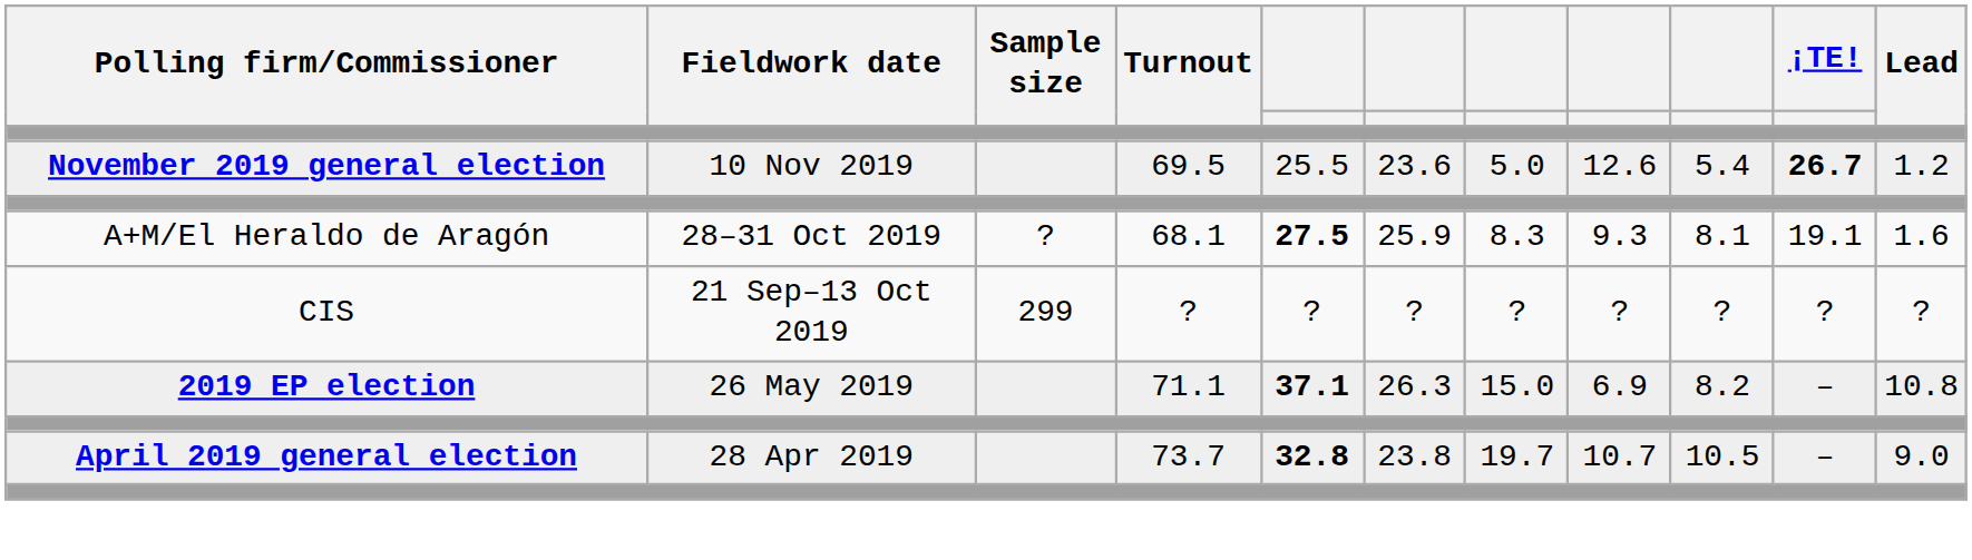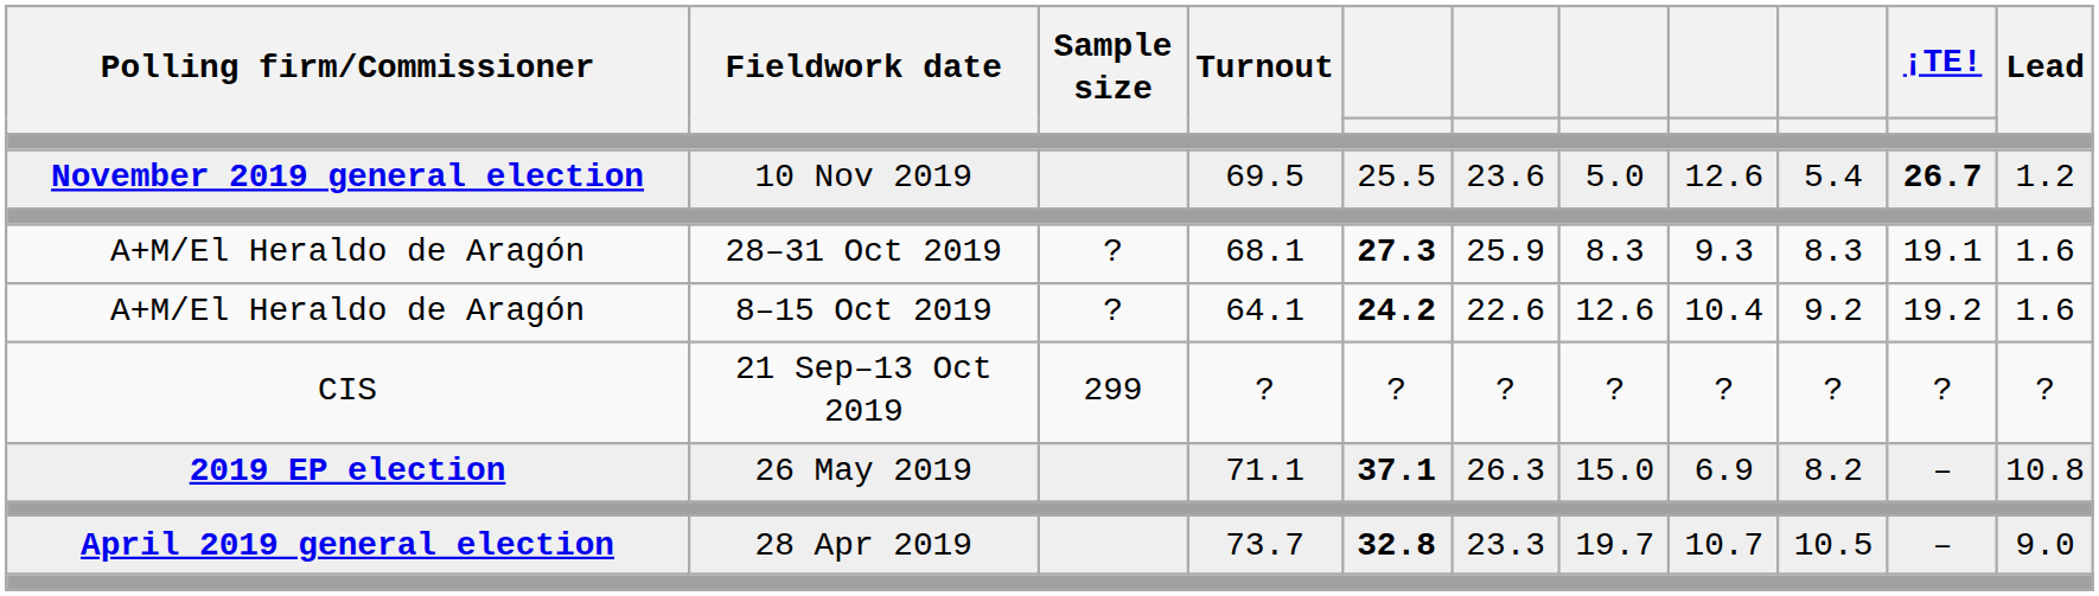 <table class="wikitable collapsible collapsed" style="text-align:center; font-size:95%; line-height:16px;">
 <tr style="height:42px;">
 <th style="width:250px;" rowspan="2">Polling firm/Commissioner</th>
 <th style="width:125px;" rowspan="2">Fieldwork date</th>
 <th style="width:50px;" rowspan="2">Sample size</th>
 <th style="width:45px;" rowspan="2">Turnout</th>
 <th style="width:35px;"></th>
 <th style="width:35px;"></th>
 <th style="width:35px;"></th>
 <th style="width:35px;"></th>
 <th style="width:35px;"></th>
 <th style="width:35px;"><a href='#'>¡TE!</a></th>
 <th style="width:30px;" rowspan="2">Lead</th>
 </tr>
 <tr>
 <th style="color:inherit;background:"></th>
 <th style="color:inherit;background:"></th>
 <th style="color:inherit;background:"></th>
 <th style="color:inherit;background:"></th>
 <th style="color:inherit;background:"></th>
 <th style="color:inherit;background:"></th>
 </tr>
 <tr>
 <td colspan="11" style="background:#A0A0A0"></td>
 </tr>
 <tr style="background:#EFEFEF;">
 <td><strong><a href='#'>November 2019 general election</a></strong></td>
 <td>10 Nov 2019</td>
 <td></td>
 <td>69.5</td>
 <td>25.5<br></td>
 <td>23.6<br></td>
 <td>5.0<br></td>
 <td>12.6<br></td>
 <td>5.4<br></td>
 <td><strong>26.7</strong><br></td>
 <td style="background:">1.2</td>
 </tr>
 <tr>
 <td colspan="11" style="background:#A0A0A0"></td>
 </tr>
 <tr>
 <td>A+M/El Heraldo de Aragón</td>
 <td>28–31 Oct 2019</td>
 <td>?</td>
 <td>68.1</td>
-<td><strong>27.5</strong><br></td>
+<td><strong>27.3</strong><br></td>
 <td>25.9<br></td>
 <td>8.3<br></td>
 <td>9.3<br></td>
-<td>8.1<br></td>
+<td>8.3<br></td>
 <td>19.1<br></td>
+<td style="background:">1.6</td>
+</tr>
+<tr>
+<td>A+M/El Heraldo de Aragón</td>
+<td>8–15 Oct 2019</td>
+<td>?</td>
+<td>64.1</td>
+<td><strong>24.2</strong><br></td>
+<td>22.6<br></td>
+<td>12.6<br></td>
+<td>10.4<br></td>
+<td>9.2<br></td>
+<td>19.2<br></td>
 <td style="background:">1.6</td>
 </tr>
 <tr>
 <td>CIS</td>
 <td>21 Sep–13 Oct 2019</td>
 <td>299</td>
 <td>?</td>
 <td>?<br></td>
 <td>?<br></td>
 <td>?<br></td>
 <td>?<br></td>
 <td>?<br></td>
 <td>?<br></td>
 <td style="background:">?</td>
 </tr>
 <tr style="background:#EFEFEF;">
 <td><strong><a href='#'>2019 EP election</a></strong></td>
 <td>26 May 2019</td>
 <td></td>
 <td>71.1</td>
 <td><strong>37.1</strong><br></td>
 <td>26.3<br></td>
 <td>15.0<br></td>
 <td>6.9<br></td>
 <td>8.2<br></td>
 <td>–</td>
 <td style="background:">10.8</td>
 </tr>
 <tr>
 <td colspan="11" style="background:#A0A0A0"></td>
 </tr>
 <tr style="background:#EFEFEF;">
 <td><strong><a href='#'>April 2019 general election</a></strong></td>
 <td>28 Apr 2019</td>
 <td></td>
 <td>73.7</td>
 <td><strong>32.8</strong><br></td>
-<td>23.8<br></td>
+<td>23.3<br></td>
 <td>19.7<br></td>
 <td>10.7<br></td>
 <td>10.5<br></td>
 <td>–</td>
 <td style="background:">9.0</td>
 </tr>
 <tr>
 <td colspan="11" style="background:#A0A0A0"></td>
 </tr>
 </table>
